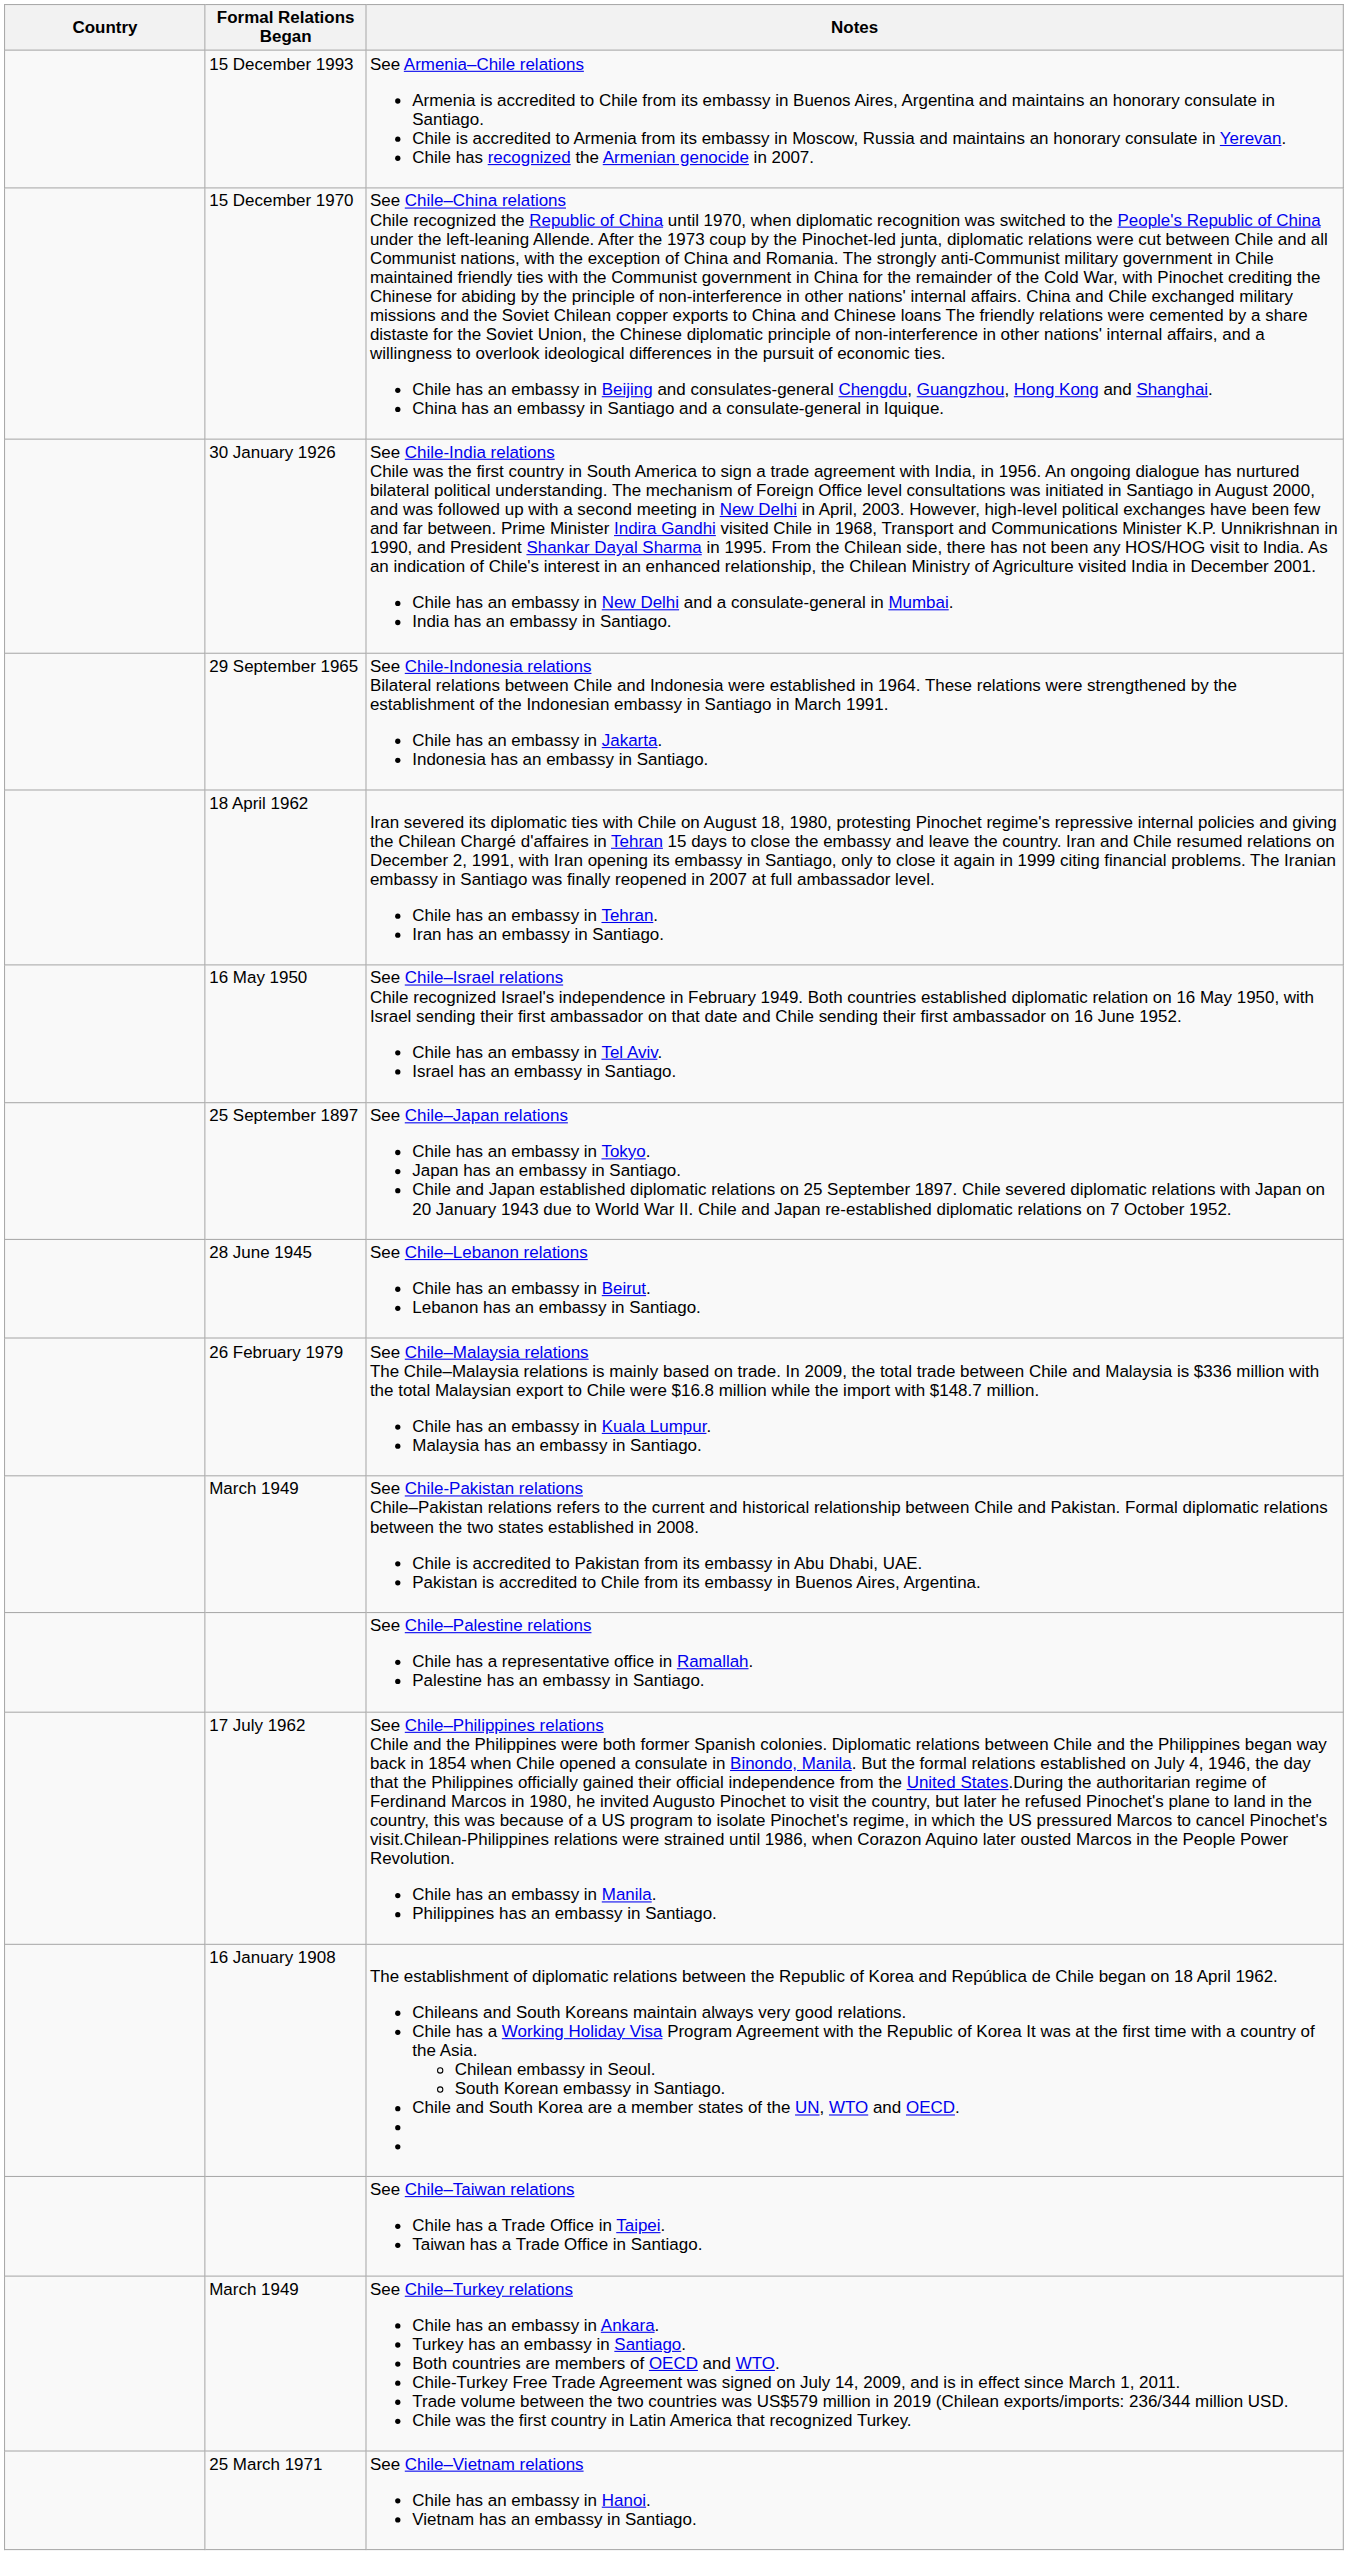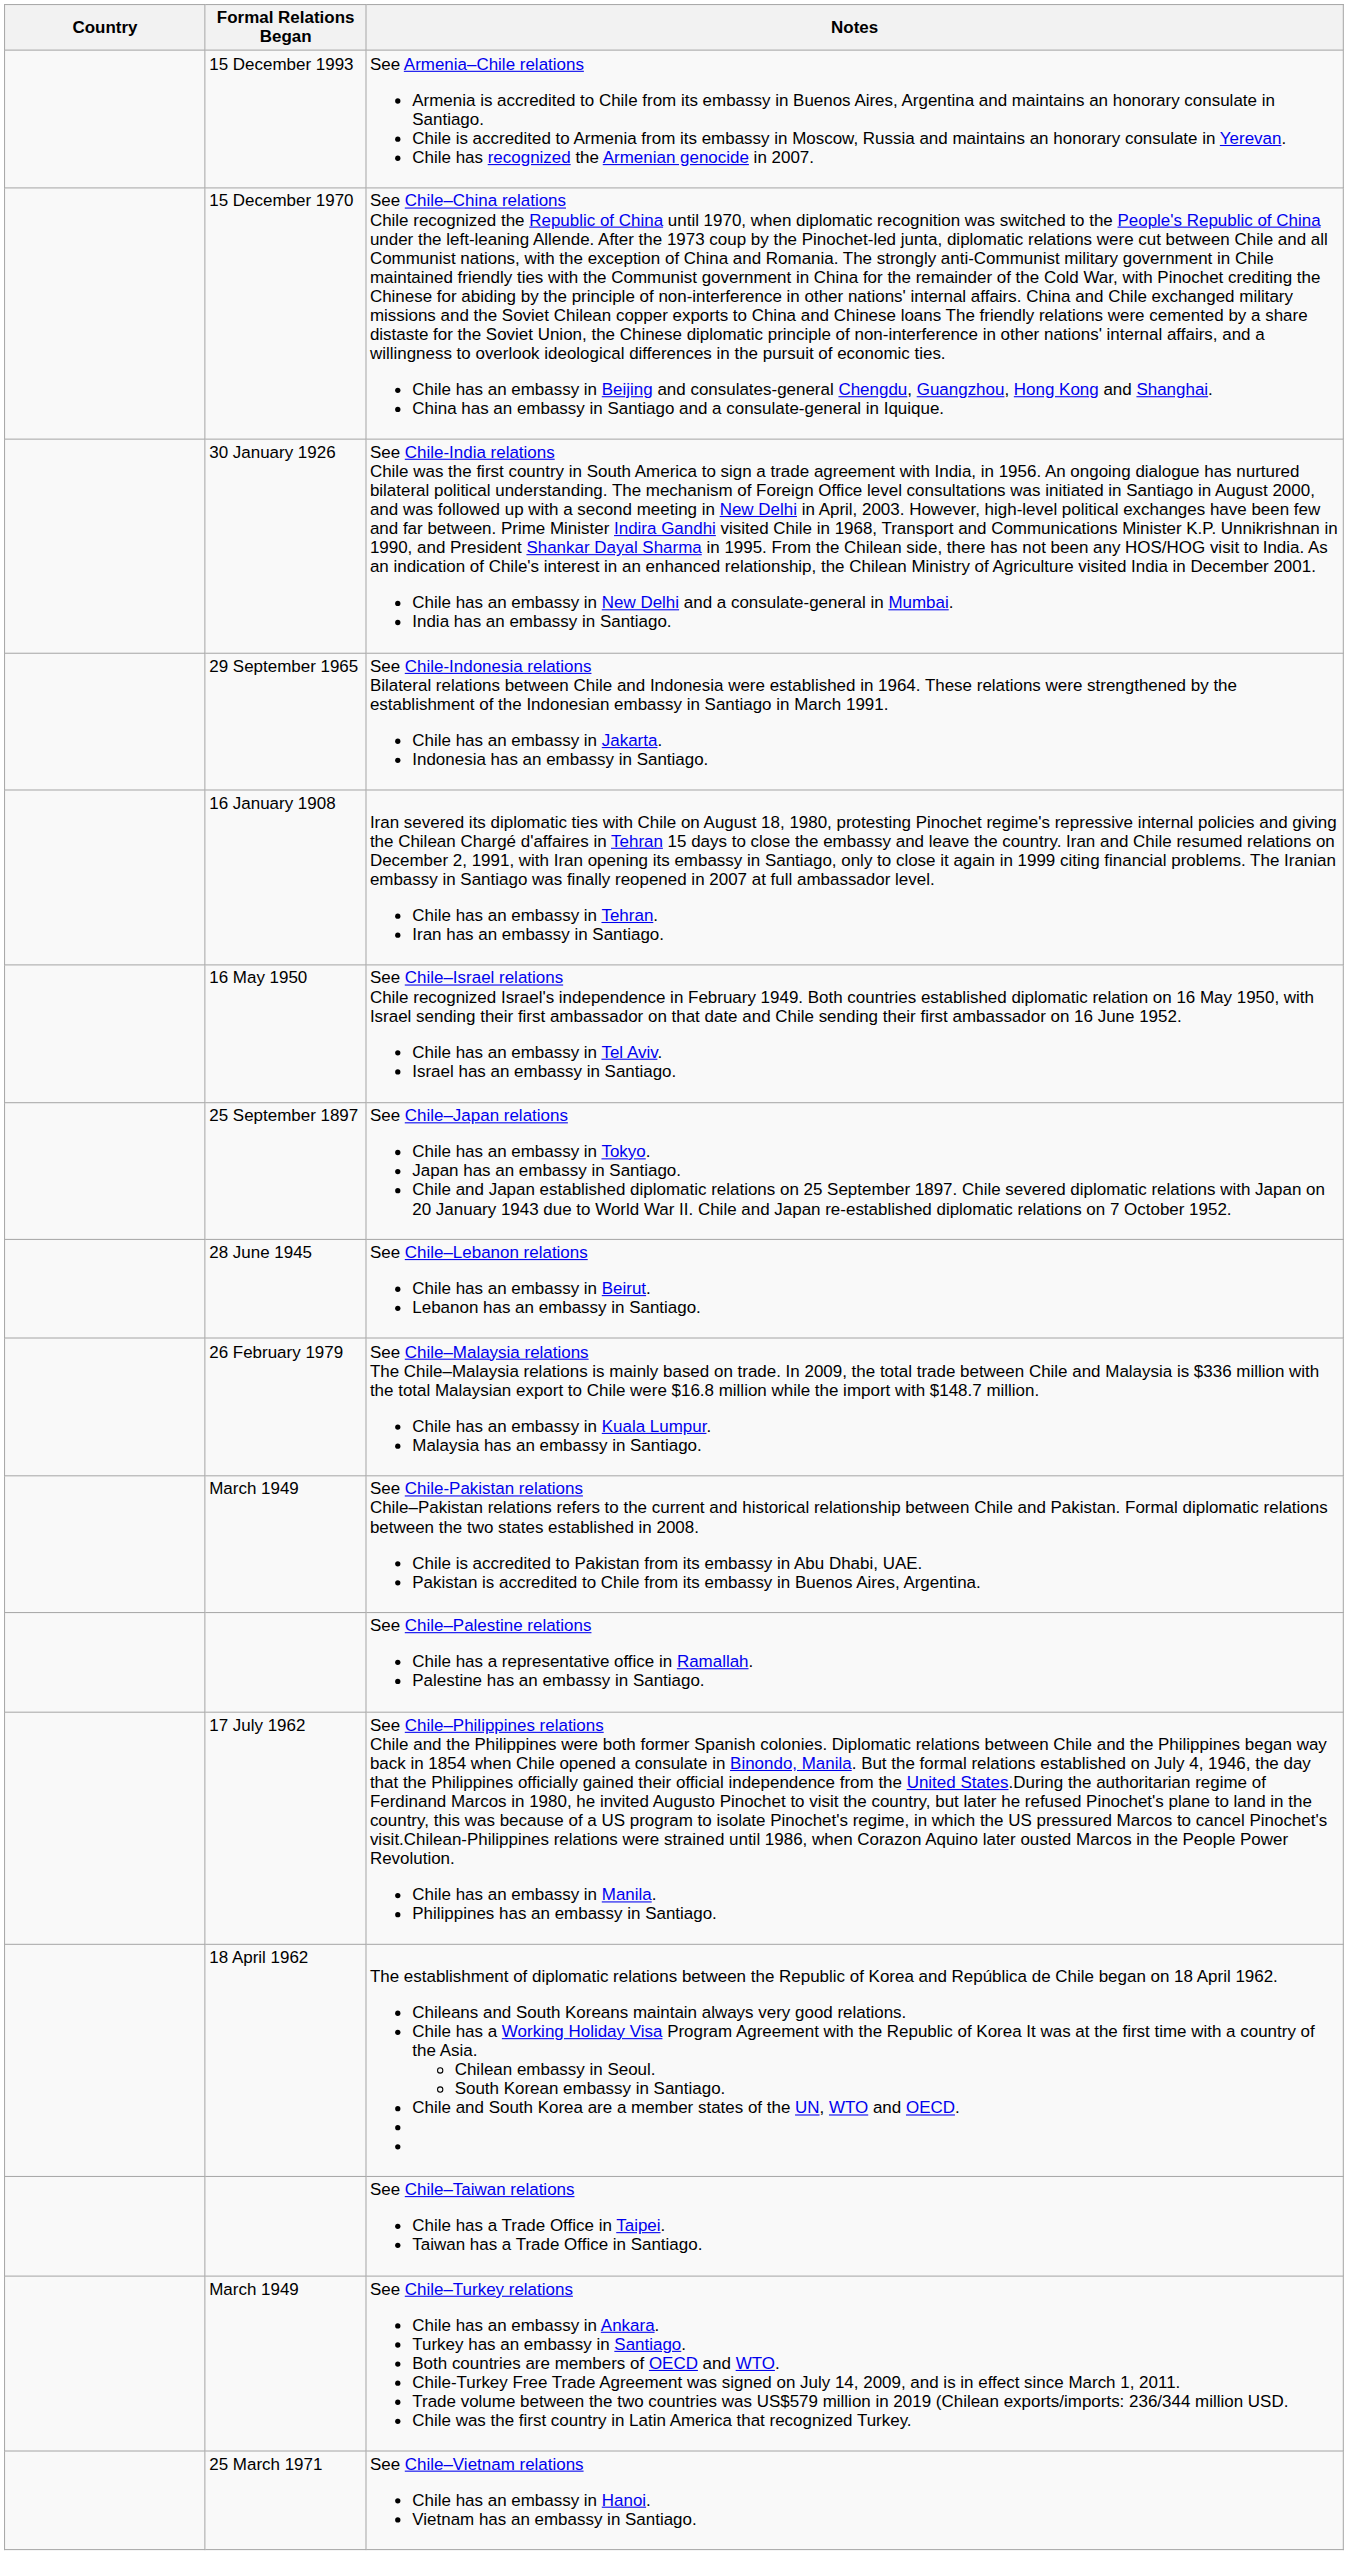 <table class="wikitable sortable" style="width:100%; margin:auto;">
 <tr>
 <th style="width:15%;">Country</th>
 <th style="width:12%;">Formal Relations Began</th>
 <th>Notes</th>
 </tr>
 <tr valign="top">
 <td></td>
 <td>15 December 1993</td>
 <td>See <a href='#'>Armenia–Chile relations</a><br><ul><li>Armenia is accredited to Chile from its embassy in Buenos Aires, Argentina and maintains an honorary consulate in Santiago.</li><li>Chile is accredited to Armenia from its embassy in Moscow, Russia and maintains an honorary consulate in <a href='#'>Yerevan</a>.</li><li>Chile has <a href='#'>recognized</a> the <a href='#'>Armenian genocide</a> in 2007.</li></ul></td>
 </tr>
 <tr valign="top">
 <td></td>
 <td>15 December 1970</td>
 <td>See <a href='#'>Chile–China relations</a><br>Chile recognized the <a href='#'>Republic of China</a> until 1970, when diplomatic recognition was switched to the <a href='#'>People's Republic of China</a> under the left-leaning Allende.  After the 1973 coup by the Pinochet-led junta, diplomatic relations were cut between Chile and all Communist nations, with the exception of China and Romania. The strongly anti-Communist military government in Chile maintained friendly ties with the Communist government in China for the remainder of the Cold War, with Pinochet crediting the Chinese for abiding by the principle of non-interference in other nations' internal affairs.  China and Chile exchanged military missions and the Soviet Chilean copper exports to China and Chinese loans The friendly relations were cemented by a share distaste for the Soviet Union, the Chinese diplomatic principle of non-interference in other nations' internal affairs, and a willingness to overlook ideological differences in the pursuit of economic ties.<ul><li>Chile has an embassy in <a href='#'>Beijing</a> and consulates-general <a href='#'>Chengdu</a>, <a href='#'>Guangzhou</a>, <a href='#'>Hong Kong</a> and <a href='#'>Shanghai</a>.</li><li>China has an embassy in Santiago and a consulate-general in Iquique.</li></ul></td>
 </tr>
 <tr valign="top">
 <td></td>
 <td>30 January 1926</td>
 <td>See <a href='#'>Chile-India relations</a><br>Chile was the first country in South America to sign a trade agreement with India, in 1956. An ongoing dialogue has nurtured bilateral political understanding. The mechanism of Foreign Office level consultations was initiated in Santiago in August 2000, and was followed up with a second meeting in <a href='#'>New Delhi</a> in April, 2003. However, high-level political exchanges have been few and far between. Prime Minister <a href='#'>Indira Gandhi</a> visited Chile in 1968, Transport and Communications Minister K.P. Unnikrishnan in 1990, and President <a href='#'>Shankar Dayal Sharma</a> in 1995. From the Chilean side, there has not been any HOS/HOG visit to India. As an indication of Chile's interest in an enhanced relationship, the Chilean Ministry of Agriculture visited India in December 2001.<ul><li>Chile has an embassy in <a href='#'>New Delhi</a> and a consulate-general in <a href='#'>Mumbai</a>.</li><li>India has an embassy in Santiago.</li></ul></td>
 </tr>
 <tr valign="top">
 <td></td>
 <td>29 September 1965</td>
 <td>See <a href='#'>Chile-Indonesia relations</a><br>Bilateral relations between Chile and Indonesia were established in 1964. These relations were strengthened by the establishment of the Indonesian embassy in Santiago in March 1991.<ul><li>Chile has an embassy in <a href='#'>Jakarta</a>.</li><li>Indonesia has an embassy in Santiago.</li></ul></td>
 </tr>
 <tr valign="top">
 <td></td>
-<td>18 April 1962</td>
+<td>16 January 1908</td>
 <td><br>Iran severed its diplomatic ties with Chile on August 18, 1980, protesting Pinochet regime's repressive internal policies and giving the Chilean Chargé d'affaires in <a href='#'>Tehran</a> 15 days to close the embassy and leave the country. Iran and Chile resumed relations on December 2, 1991, with Iran opening its embassy in Santiago, only to close it again in 1999 citing financial problems. The Iranian embassy in Santiago was finally reopened in 2007 at full ambassador level.<ul><li>Chile has an embassy in <a href='#'>Tehran</a>.</li><li>Iran has an embassy in Santiago.</li></ul></td>
 </tr>
 <tr valign="top">
 <td></td>
 <td>16 May 1950</td>
 <td>See <a href='#'>Chile–Israel relations</a><br>Chile recognized Israel's independence in February 1949. Both countries established diplomatic relation on 16 May 1950, with Israel sending their first ambassador on that date and Chile sending their first ambassador on 16 June 1952.<ul><li>Chile has an embassy in <a href='#'>Tel Aviv</a>.</li><li>Israel has an embassy in Santiago.</li></ul></td>
 </tr>
 <tr valign="top">
 <td></td>
 <td>25 September 1897</td>
 <td>See <a href='#'>Chile–Japan relations</a><br><ul><li>Chile has an embassy in <a href='#'>Tokyo</a>.</li><li>Japan has an embassy in Santiago.</li><li>Chile and Japan established diplomatic relations on 25 September 1897. Chile severed diplomatic relations with Japan on 20 January 1943 due to World War II. Chile and Japan re-established diplomatic relations on 7 October 1952.</li></ul></td>
 </tr>
 <tr valign="top">
 <td></td>
 <td>28 June 1945</td>
 <td>See <a href='#'>Chile–Lebanon relations</a><br><ul><li>Chile has an embassy in <a href='#'>Beirut</a>.</li><li>Lebanon has an embassy in Santiago.</li></ul></td>
 </tr>
 <tr valign="top">
 <td></td>
 <td>26 February 1979</td>
 <td>See <a href='#'>Chile–Malaysia relations</a><br>The Chile–Malaysia relations is mainly based on trade. In 2009, the total trade between Chile and Malaysia is $336 million with the total Malaysian export to Chile were $16.8 million while the import with $148.7 million.<ul><li>Chile has an embassy in <a href='#'>Kuala Lumpur</a>.</li><li>Malaysia has an embassy in Santiago.</li></ul></td>
 </tr>
 <tr valign="top">
 <td></td>
 <td>March 1949</td>
 <td>See <a href='#'>Chile-Pakistan relations</a><br>Chile–Pakistan relations refers to the current and historical relationship between Chile and Pakistan. Formal diplomatic relations between the two states established in 2008.<ul><li>Chile is accredited to Pakistan from its embassy in Abu Dhabi, UAE.</li><li>Pakistan is accredited to Chile from its embassy in Buenos Aires, Argentina.</li></ul></td>
 </tr>
 <tr valign="top">
 <td></td>
 <td></td>
 <td>See <a href='#'>Chile–Palestine relations</a><br><ul><li>Chile has a representative office in <a href='#'>Ramallah</a>.</li><li>Palestine has an embassy in Santiago.</li></ul></td>
 </tr>
 <tr valign="top">
 <td></td>
 <td>17 July 1962</td>
 <td>See <a href='#'>Chile–Philippines relations</a><br>Chile and the Philippines were both former Spanish colonies. Diplomatic relations between Chile and the Philippines began way back in 1854 when Chile opened a consulate in <a href='#'>Binondo, Manila</a>. But the formal relations established on July 4, 1946, the day that the Philippines officially gained their official independence from the <a href='#'>United States</a>.During the authoritarian regime of Ferdinand Marcos in 1980, he invited Augusto Pinochet to visit the country, but later he refused Pinochet's plane to land in the country, this was because of a US program to isolate Pinochet's regime, in which the US pressured Marcos to cancel Pinochet's visit.Chilean-Philippines relations were strained until 1986, when Corazon Aquino later ousted Marcos in the People Power Revolution.<ul><li>Chile has an embassy in <a href='#'>Manila</a>.</li><li>Philippines has an embassy in Santiago.</li></ul></td>
 </tr>
 <tr valign="top">
 <td></td>
-<td>16 January 1908</td>
+<td>18 April 1962</td>
 <td><br>The establishment of diplomatic relations between the Republic of Korea and República de Chile began on 18 April 1962.<ul><li>Chileans and South Koreans maintain always very good relations.</li><li>Chile has a <a href='#'>Working Holiday Visa</a> Program Agreement with the Republic of Korea It was at the first time with a country of the Asia.<ul><li>Chilean embassy in Seoul.</li><li>South Korean embassy in Santiago.</li></ul></li><li>Chile and South Korea are a member states of the <a href='#'>UN</a>, <a href='#'>WTO</a> and <a href='#'>OECD</a>.</li><li> </li><li></li></ul></td>
 </tr>
 <tr valign="top">
 <td></td>
 <td></td>
 <td>See <a href='#'>Chile–Taiwan relations</a><br><ul><li>Chile has a Trade Office in <a href='#'>Taipei</a>.</li><li>Taiwan has a Trade Office in Santiago.</li></ul></td>
 </tr>
 <tr valign="top">
 <td></td>
 <td>March 1949</td>
 <td>See <a href='#'>Chile–Turkey relations</a><br><ul><li>Chile has an embassy in <a href='#'>Ankara</a>.</li><li>Turkey has an embassy in <a href='#'>Santiago</a>.</li><li>Both countries are members of <a href='#'>OECD</a> and <a href='#'>WTO</a>.</li><li>Chile-Turkey Free Trade Agreement was signed on July 14, 2009, and is in effect since March 1, 2011.</li><li>Trade volume between the two countries was US$579 million in 2019 (Chilean exports/imports: 236/344 million USD.</li><li>Chile was the first country in Latin America that recognized Turkey.</li></ul></td>
 </tr>
 <tr valign="top">
 <td></td>
 <td>25 March 1971</td>
 <td>See <a href='#'>Chile–Vietnam relations</a><br><ul><li>Chile has an embassy in <a href='#'>Hanoi</a>.</li><li>Vietnam has an embassy in Santiago.</li></ul></td>
 </tr>
 </table>
